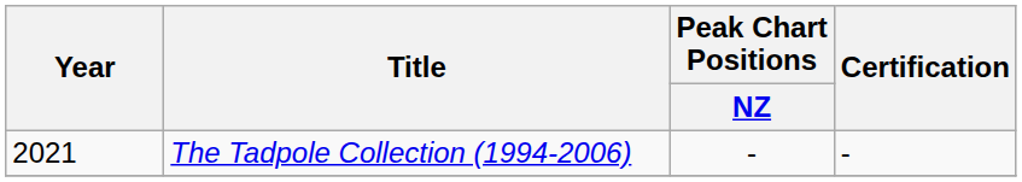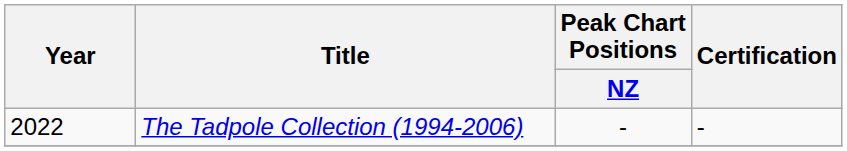 <table class="wikitable">
 <tr>
 <th scope="col" rowspan="2" style="width:5em;">Year</th>
 <th scope="col" rowspan="2" style="width:17em;">Title</th>
 <th>Peak Chart<br>Positions</th>
 <th rowspan="2">Certification</th>
 </tr>
 <tr>
 <th><a href='#'>NZ</a></th>
 </tr>
 <tr>
-<td>2021</td>
+<td>2022</td>
 <td><em><a href='#'>The Tadpole Collection (1994-2006)</a></em><br></td>
 <td align="center">-</td>
 <td>-</td>
 </tr>
 <tr>
 </tr>
 </table>
